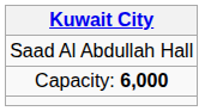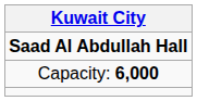 <table class="wikitable" style="text-align:center">
 <tr>
 <th><a href='#'>Kuwait City</a></th>
 </tr>
 <tr>
-<td>Saad Al Abdullah Hall</td>
+<td><strong>Saad Al Abdullah Hall</strong></td>
 </tr>
 <tr>
 <td>Capacity: <strong>6,000</strong></td>
 </tr>
 <tr>
 <td></td>
 </tr>
 </table>
